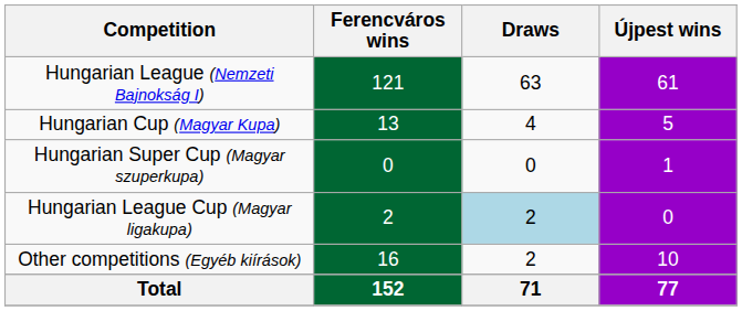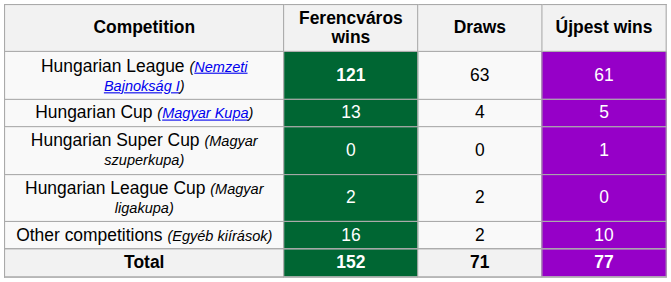 <table class="wikitable" style="text-align:center">
 <tr>
 <th width=285>Competition</th>
 <th width=120>Ferencváros wins</th>
 <th width=120>Draws</th>
 <th width=120>Újpest wins</th>
 </tr>
 <tr>
 <td>Hungarian League <small><em>(<a href='#'>Nemzeti Bajnokság I</a>)</em></small></td>
-<td style="color:#ffffff;background:#006633">121</td>
+<td style="color:#ffffff;background:#006633"><strong>121</strong></td>
 <td>63</td>
 <td style="color:#ffffff;background:#9600C8">61</td>
 </tr>
 <tr>
 <td>Hungarian Cup <small><em>(<a href='#'>Magyar Kupa</a>)</em></small></td>
 <td style="color:#ffffff;background:#006633">13</td>
 <td>4</td>
 <td style="color:#ffffff;background:#9600C8">5</td>
 </tr>
 <tr>
 <td>Hungarian Super Cup <small><em>(Magyar szuperkupa)</em></small></td>
 <td style="color:#ffffff;background:#006633">0</td>
 <td>0</td>
 <td style="color:#ffffff;background:#9600C8">1</td>
 </tr>
 <tr>
 <td>Hungarian League Cup <small><em>(Magyar ligakupa)</em></small></td>
 <td style="color:#ffffff;background:#006633">2</td>
-<td style="background: lightblue;">2</td>
+<td>2</td>
 <td style="color:#ffffff;background:#9600C8">0</td>
 </tr>
 <tr>
 <td>Other competitions <small><em>(Egyéb kiírások)</em></small></td>
 <td style="color:#ffffff;background:#006633">16</td>
 <td>2</td>
 <td style="color:#ffffff;background:#9600C8">10</td>
 </tr>
 <tr>
 </tr>
 <tr>
 <th>Total</th>
 <th style="color:#ffffff;background:#006633">152</th>
 <th>71</th>
 <th style="color:#ffffff;background:#9600C8"><strong>77</strong></th>
 </tr>
 <tr>
 </tr>
 </table>
